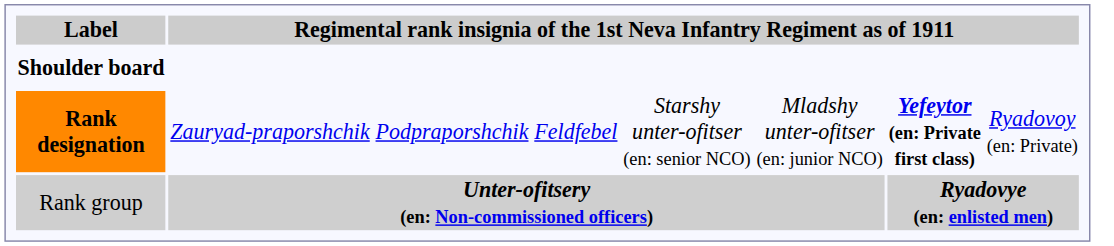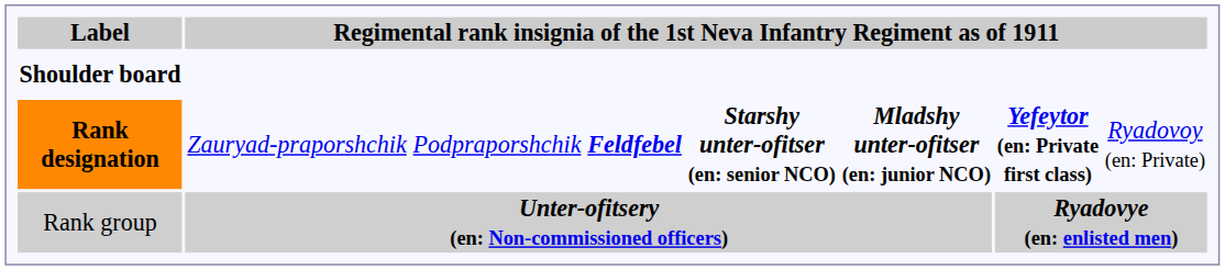 <table style="border:1px solid #8888aa; background-color:#f7f8ff; padding:5px; font-size:95%; margin: 12px 12px 12px 12px;">
 <tr bgcolor="#CCCCCC">
 <th>Label</th>
 <th colspan=9>Regimental rank insignia of the 1st Neva Infantry Regiment as of 1911</th>
 </tr>
 <tr align="center">
 <th></th>
 <th rowspan=3></th>
 <th rowspan=3></th>
 <td rowspan=3></td>
 <td rowspan=3></td>
 <td rowspan=3></td>
 <td rowspan=3></td>
 <td rowspan=3></td>
 </tr>
 <tr align="center">
 <th rowspan=1>Shoulder board</th>
 </tr>
 <tr align="center">
 <th></th>
 </tr>
 <tr align="center">
 <th style="background:#ff8800; color:black;">Rank<br>designation</th>
 <td><em><a href='#'>Zauryad-praporshchik</a></em></td>
 <td><em><a href='#'>Podpraporshchik</a></em></td>
-<td><em><a href='#'>Feldfebel</a></em></td>
-<td><em>Starshy<br>unter-оfitser</em> <br><small>(en: senior NCO)</small></td>
-<td><em>Мladshy <br>unter-оfitser</em> <br><small>(en: junior NCO)</small></td>
+<td><strong><em><a href='#'>Feldfebel</a></em></strong></td>
+<td><strong><em>Starshy<br>unter-оfitser</em> <br><small>(en: senior NCO)</small></strong></td>
+<td><strong><em>Мladshy <br>unter-оfitser</em> <br><small>(en: junior NCO)</small></strong></td>
 <td><strong><em><a href='#'>Yefeytor</a></em> <br><small>(en: Private <br>first class)</small></strong></td>
 <td><em><a href='#'>Ryadovoy</a></em> <br><small>(en: Private)</small></td>
 </tr>
 <tr align="center" style="background:#cfcfcf;">
 <td>Rank group</td>
 <th colspan=5><em>Unter-ofitsery</em> <br><small>(en: <a href='#'>Non-commissioned officers</a>)</small></th>
 <th colspan=2><em>Ryadovye</em> <br><small>(en: <a href='#'>enlisted men</a>)</small></th>
 </tr>
 </table>
